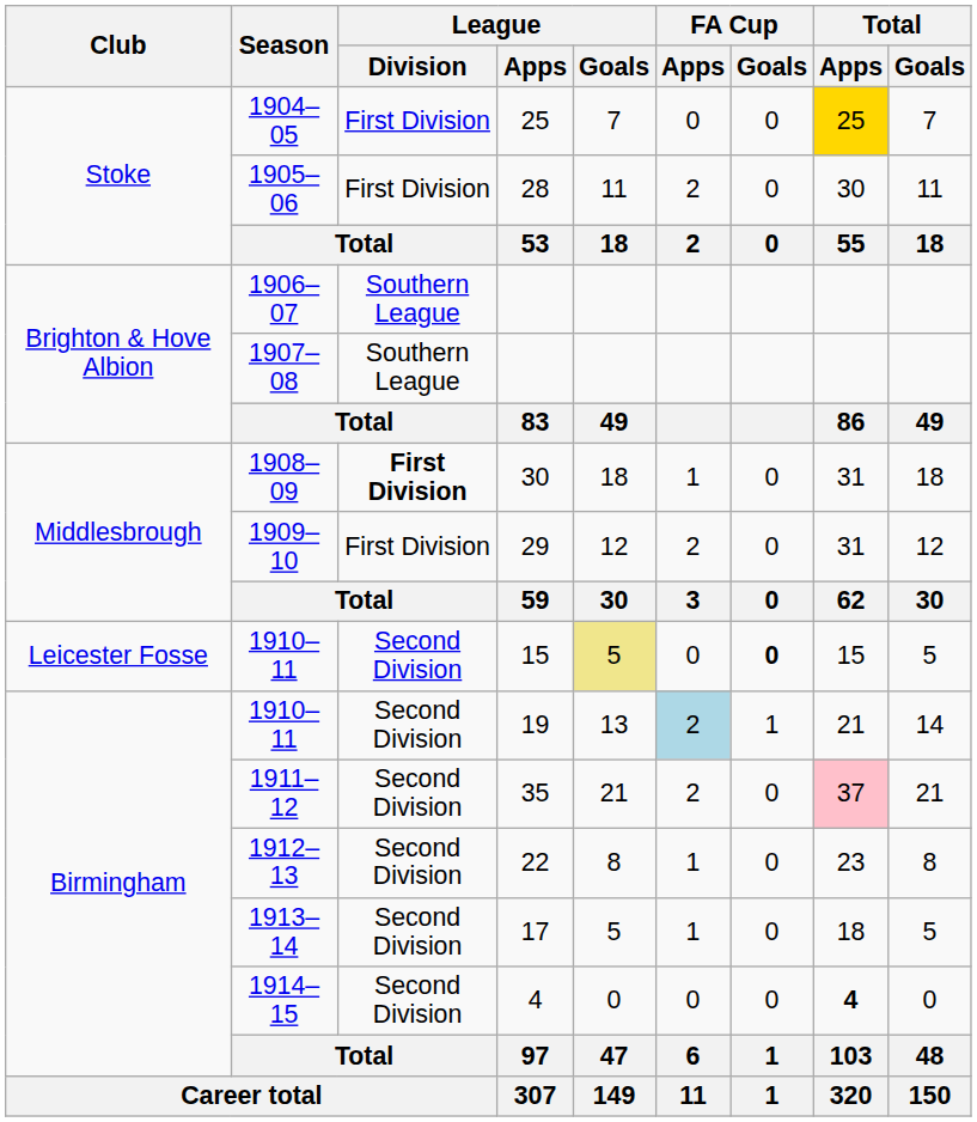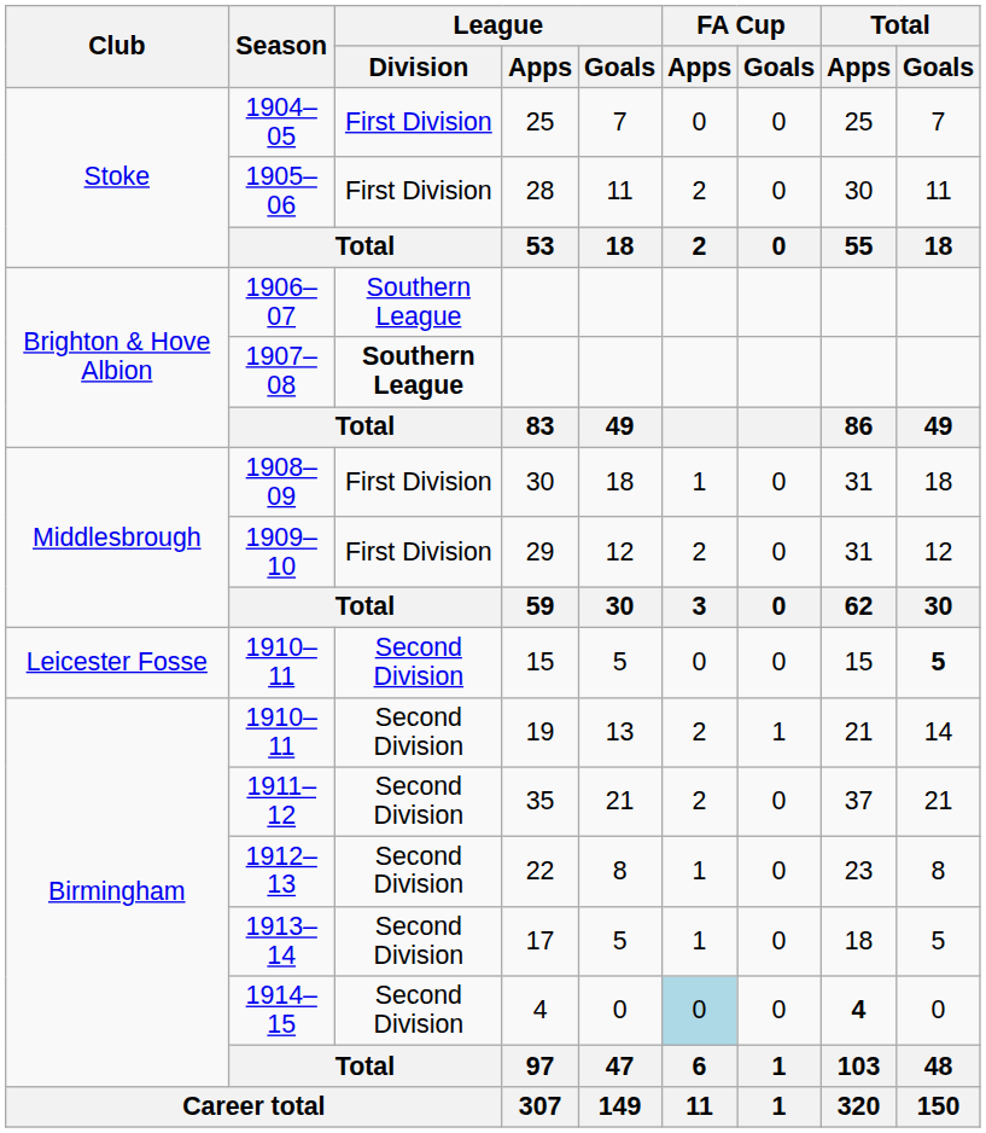 <table class="wikitable" style="text-align: center;">
 <tr>
 <th rowspan="2">Club</th>
 <th rowspan="2">Season</th>
 <th colspan="3">League</th>
 <th colspan="2">FA Cup</th>
 <th colspan="2">Total</th>
 </tr>
 <tr>
 <th>Division</th>
 <th>Apps</th>
 <th>Goals</th>
 <th>Apps</th>
 <th>Goals</th>
 <th>Apps</th>
 <th>Goals</th>
 </tr>
 <tr>
 <td rowspan="3"><a href='#'>Stoke</a></td>
 <td><a href='#'>1904–05</a></td>
 <td><a href='#'>First Division</a></td>
 <td>25</td>
 <td>7</td>
 <td>0</td>
 <td>0</td>
-<td style="background: gold;">25</td>
+<td>25</td>
 <td>7</td>
 </tr>
 <tr>
 <td><a href='#'>1905–06</a></td>
 <td>First Division</td>
 <td>28</td>
 <td>11</td>
 <td>2</td>
 <td>0</td>
 <td>30</td>
 <td>11</td>
 </tr>
 <tr>
 <th colspan=2>Total</th>
 <th>53</th>
 <th>18</th>
 <th>2</th>
 <th>0</th>
 <th>55</th>
 <th>18</th>
 </tr>
 <tr>
 <td rowspan="3"><a href='#'>Brighton & Hove Albion</a></td>
 <td><a href='#'>1906–07</a></td>
 <td><a href='#'>Southern League</a></td>
 <td></td>
 <td></td>
 <td></td>
 <td></td>
 <td></td>
 <td></td>
 </tr>
 <tr>
 <td><a href='#'>1907–08</a></td>
-<td>Southern League</td>
+<td><strong>Southern League</strong></td>
 <td></td>
 <td></td>
 <td></td>
 <td></td>
 <td></td>
 <td></td>
 </tr>
 <tr>
 <th colspan=2>Total</th>
 <th>83</th>
 <th>49</th>
 <th></th>
 <th></th>
 <th>86</th>
 <th>49</th>
 </tr>
 <tr>
 <td rowspan="3"><a href='#'>Middlesbrough</a></td>
 <td><a href='#'>1908–09</a></td>
-<td><strong>First Division</strong></td>
+<td>First Division</td>
 <td>30</td>
 <td>18</td>
 <td>1</td>
 <td>0</td>
 <td>31</td>
 <td>18</td>
 </tr>
 <tr>
 <td><a href='#'>1909–10</a></td>
 <td>First Division</td>
 <td>29</td>
 <td>12</td>
 <td>2</td>
 <td>0</td>
 <td>31</td>
 <td>12</td>
 </tr>
 <tr>
 <th colspan=2>Total</th>
 <th>59</th>
 <th>30</th>
 <th>3</th>
 <th>0</th>
 <th>62</th>
 <th>30</th>
 </tr>
 <tr>
 <td><a href='#'>Leicester Fosse</a></td>
 <td><a href='#'>1910–11</a></td>
 <td><a href='#'>Second Division</a></td>
 <td>15</td>
-<td style="background: khaki;">5</td>
+<td>5</td>
 <td>0</td>
-<td><strong>0</strong></td>
+<td>0</td>
 <td>15</td>
-<td>5</td>
+<td><strong>5</strong></td>
 </tr>
 <tr>
 <td rowspan="6"><a href='#'>Birmingham</a></td>
 <td><a href='#'>1910–11</a></td>
 <td>Second Division</td>
 <td>19</td>
 <td>13</td>
-<td style="background: lightblue;">2</td>
+<td>2</td>
 <td>1</td>
 <td>21</td>
 <td>14</td>
 </tr>
 <tr>
 <td><a href='#'>1911–12</a></td>
 <td>Second Division</td>
 <td>35</td>
 <td>21</td>
 <td>2</td>
 <td>0</td>
-<td style="background: pink;">37</td>
+<td>37</td>
 <td>21</td>
 </tr>
 <tr>
 <td><a href='#'>1912–13</a></td>
 <td>Second Division</td>
 <td>22</td>
 <td>8</td>
 <td>1</td>
 <td>0</td>
 <td>23</td>
 <td>8</td>
 </tr>
 <tr>
 <td><a href='#'>1913–14</a></td>
 <td>Second Division</td>
 <td>17</td>
 <td>5</td>
 <td>1</td>
 <td>0</td>
 <td>18</td>
 <td>5</td>
 </tr>
 <tr>
 <td><a href='#'>1914–15</a></td>
 <td>Second Division</td>
 <td>4</td>
 <td>0</td>
-<td>0</td>
+<td style="background: lightblue;">0</td>
 <td>0</td>
 <td><strong>4</strong></td>
 <td>0</td>
 </tr>
 <tr>
 <th colspan=2>Total</th>
 <th>97</th>
 <th>47</th>
 <th>6</th>
 <th>1</th>
 <th>103</th>
 <th>48</th>
 </tr>
 <tr>
 <th colspan="3">Career total</th>
 <th>307</th>
 <th>149</th>
 <th>11</th>
 <th>1</th>
 <th>320</th>
 <th>150</th>
 </tr>
 </table>
